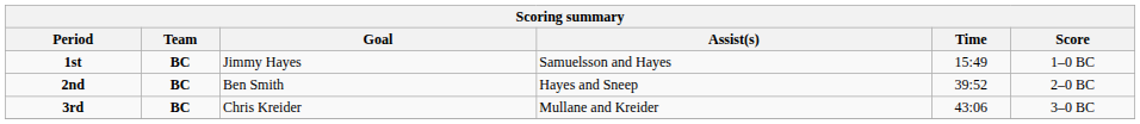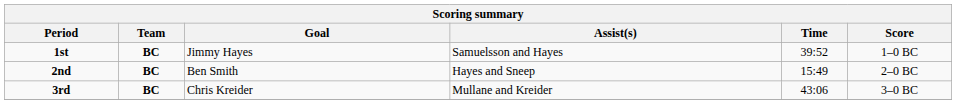 <table style="width:100%;" class="wikitable">
 <tr>
 <th colspan=6>Scoring summary</th>
 </tr>
 <tr>
 <th style="width:12%;">Period</th>
 <th style="width:7%;">Team</th>
 <th style="width:28%;">Goal</th>
 <th style="width:35%;">Assist(s)</th>
 <th style="width:7%;">Time</th>
 <th style="width:11%;">Score</th>
 </tr>
 <tr>
 <td style="text-align:center;" rowspan="1"><strong>1st</strong></td>
 <td align=center><strong>BC</strong></td>
 <td>Jimmy Hayes</td>
 <td>Samuelsson and Hayes</td>
-<td align=center>15:49</td>
+<td align=center>39:52</td>
 <td align=center>1–0 BC</td>
 </tr>
 <tr>
 <td style="text-align:center;" rowspan="1"><strong>2nd</strong></td>
 <td align=center><strong>BC</strong></td>
 <td>Ben Smith</td>
 <td>Hayes and Sneep</td>
-<td align=center>39:52</td>
+<td align=center>15:49</td>
 <td align=center>2–0 BC</td>
 </tr>
 <tr>
 <td style="text-align:center;" rowspan="1"><strong>3rd</strong></td>
 <td align=center><strong>BC</strong></td>
 <td>Chris Kreider</td>
 <td>Mullane and Kreider</td>
 <td align=center>43:06</td>
 <td align=center>3–0 BC</td>
 </tr>
 <tr>
 </tr>
 </table>
